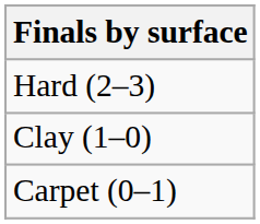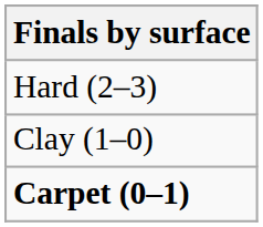 <table class=wikitable style=font-size:90%>
 <tr>
 <th>Finals by surface</th>
 </tr>
 <tr>
 <td>Hard (2–3)</td>
 </tr>
 <tr>
 <td>Clay (1–0)</td>
 </tr>
 <tr>
-<td>Carpet (0–1)</td>
+<td><strong>Carpet (0–1)</strong></td>
 </tr>
 </table>
